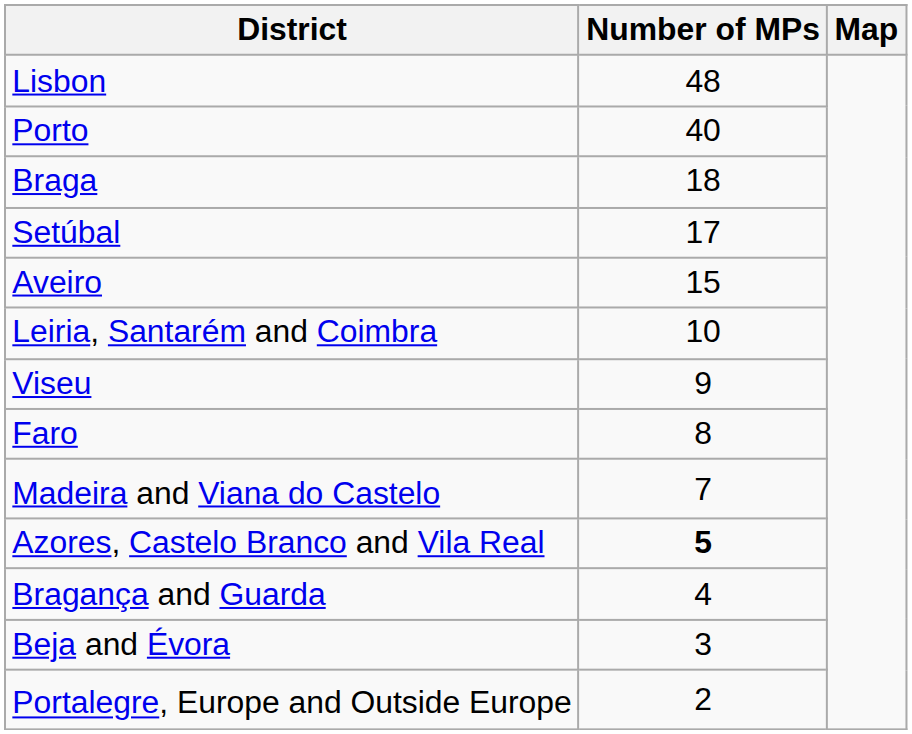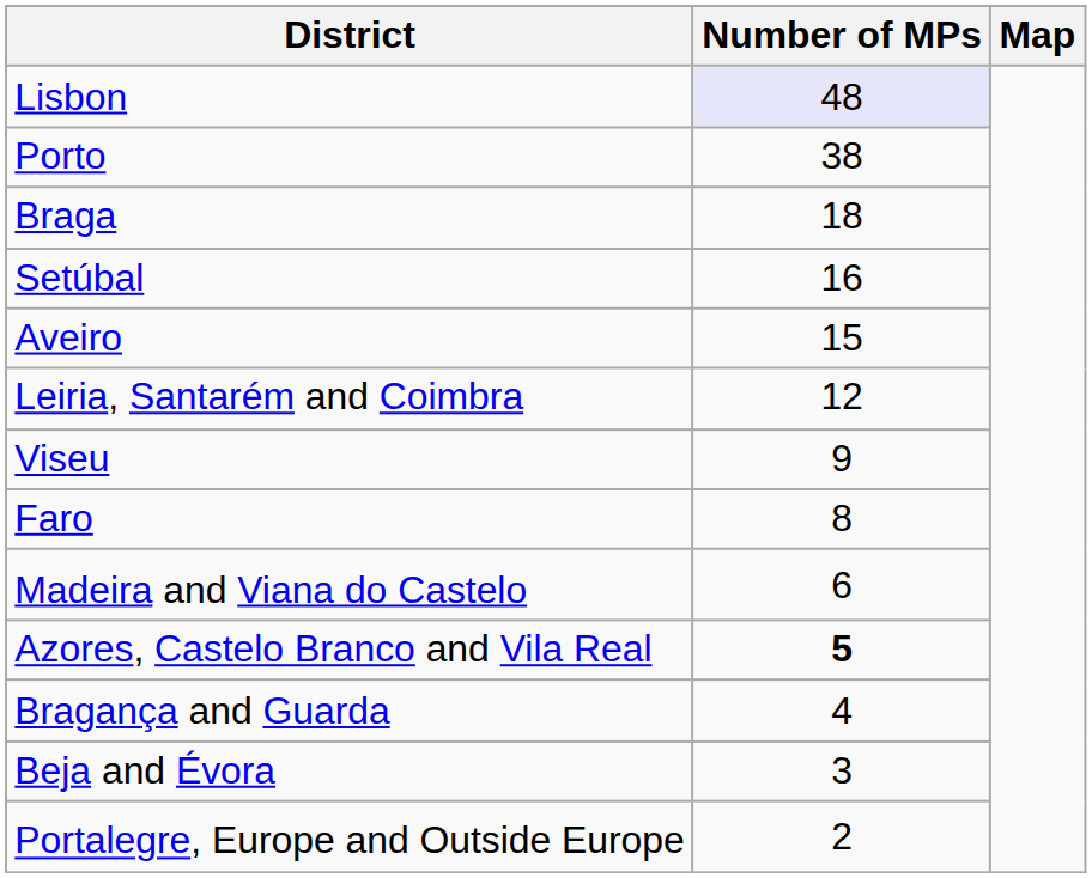 <table class="wikitable">
 <tr>
 <th>District</th>
 <th>Number of MPs</th>
 <th>Map</th>
 </tr>
 <tr>
 <td><a href='#'>Lisbon</a></td>
-<td style="text-align:center;">48</td>
+<td style="background: lavender; text-align:center;">48</td>
 <td style="text-align:center;" rowspan="13"><br>                      </td>
 </tr>
 <tr>
 <td><a href='#'>Porto</a></td>
-<td style="text-align:center;">40</td>
+<td style="text-align:center;">38</td>
 </tr>
 <tr>
 <td><a href='#'>Braga</a></td>
 <td style="text-align:center;">18</td>
 </tr>
 <tr>
 <td><a href='#'>Setúbal</a></td>
-<td style="text-align:center;">17</td>
+<td style="text-align:center;">16</td>
 </tr>
 <tr>
 <td><a href='#'>Aveiro</a></td>
 <td style="text-align:center;">15</td>
 </tr>
 <tr>
 <td><a href='#'>Leiria</a>, <a href='#'>Santarém</a> and <a href='#'>Coimbra</a></td>
-<td style="text-align:center;">10</td>
+<td style="text-align:center;">12</td>
 </tr>
 <tr>
 <td><a href='#'>Viseu</a></td>
 <td style="text-align:center;">9</td>
 </tr>
 <tr>
 <td><a href='#'>Faro</a></td>
 <td style="text-align:center;">8</td>
 </tr>
 <tr>
 <td><a href='#'>Madeira</a><sup></sup> and <a href='#'>Viana do Castelo</a></td>
-<td style="text-align:center;">7</td>
+<td style="text-align:center;">6</td>
 </tr>
 <tr>
 <td><a href='#'>Azores</a>, <a href='#'>Castelo Branco</a> and <a href='#'>Vila Real</a></td>
 <td style="text-align:center;"><strong>5</strong></td>
 </tr>
 <tr>
 <td><a href='#'>Bragança</a> and <a href='#'>Guarda</a></td>
 <td style="text-align:center;">4</td>
 </tr>
 <tr>
 <td><a href='#'>Beja</a> and <a href='#'>Évora</a></td>
 <td style="text-align:center;">3</td>
 </tr>
 <tr>
 <td><a href='#'>Portalegre</a><sup></sup>, Europe and Outside Europe</td>
 <td style="text-align:center;">2</td>
 </tr>
 </table>
